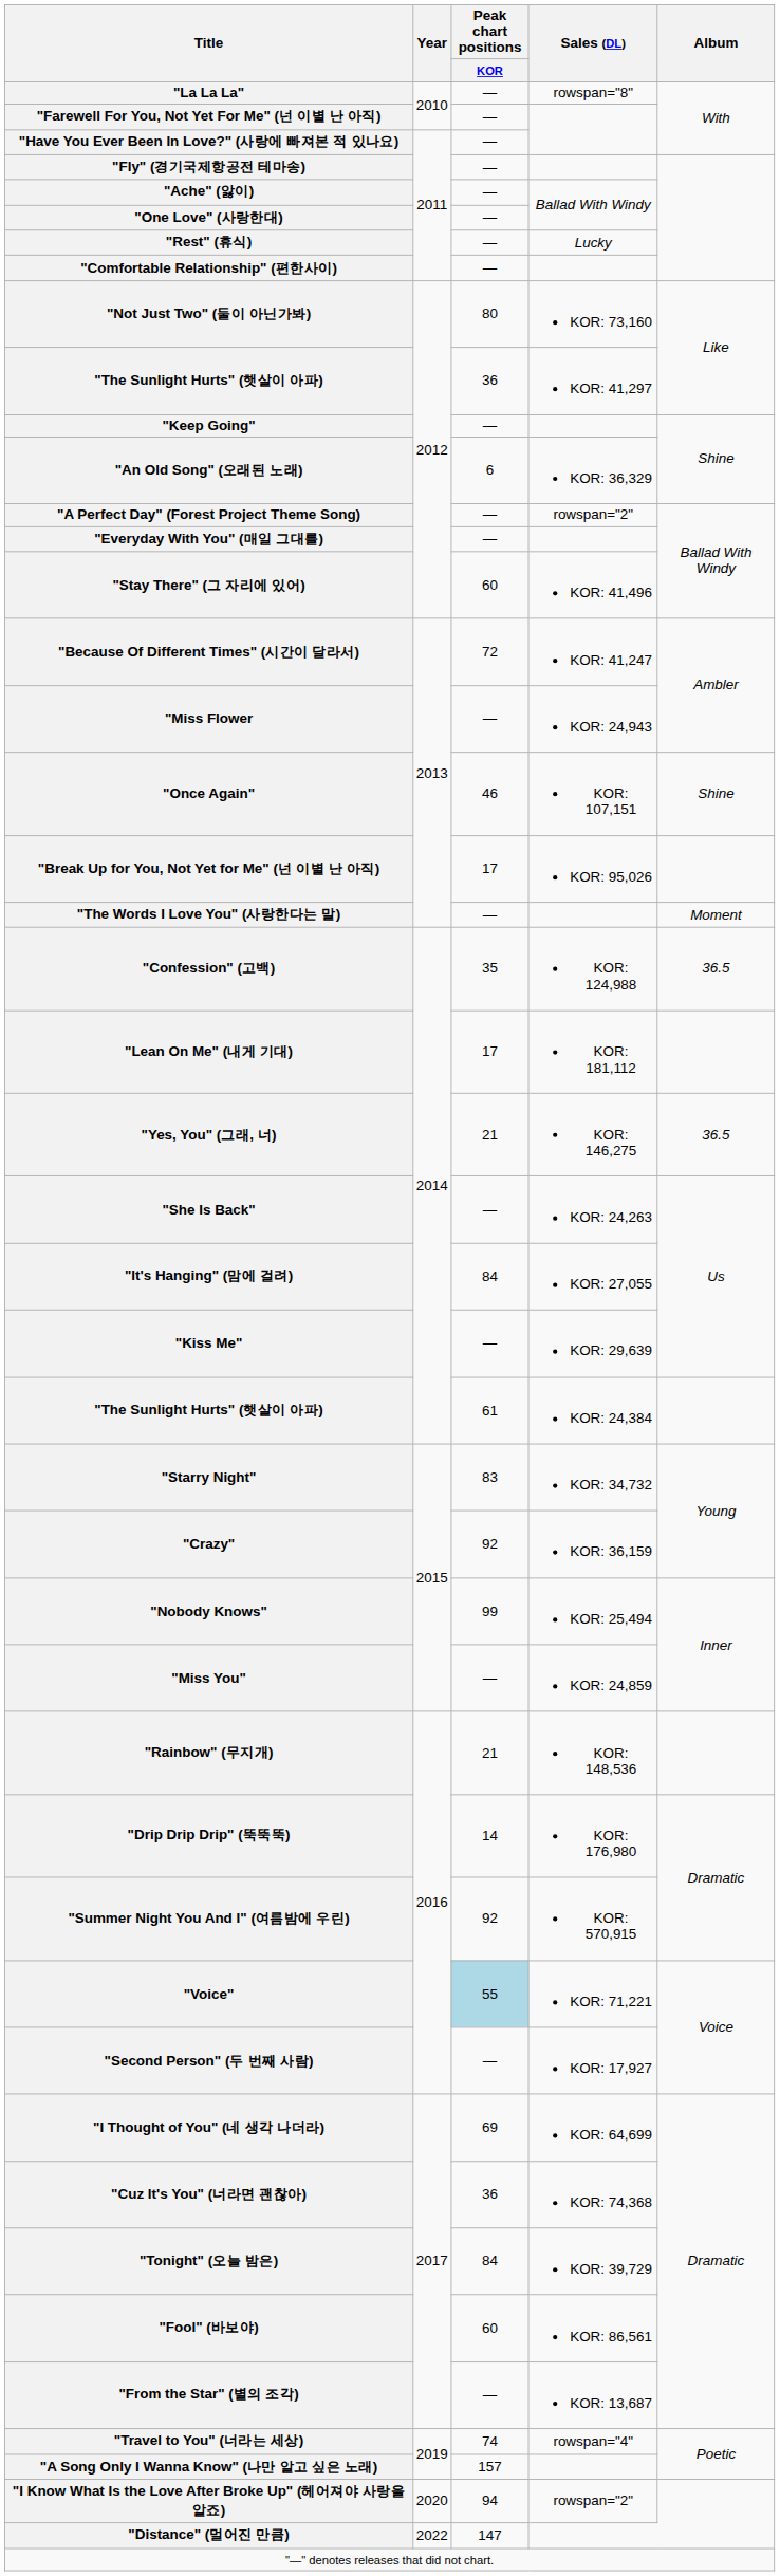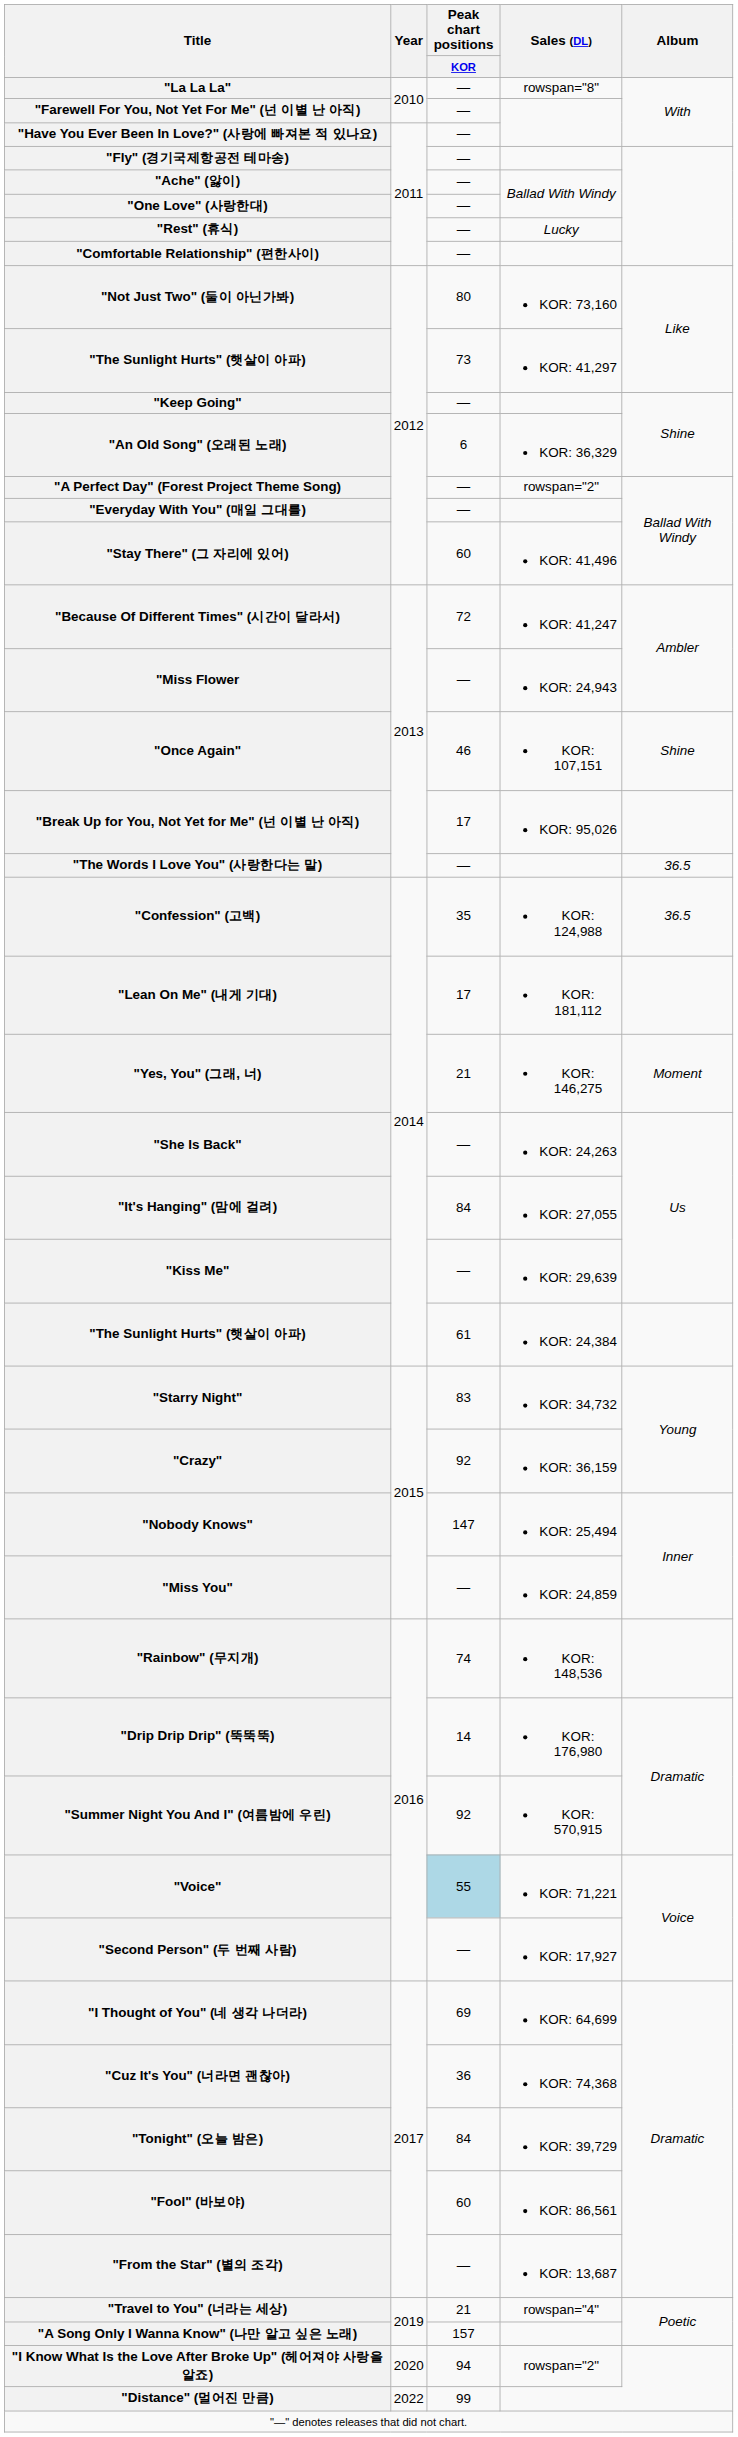 <table class="wikitable plainrowheaders" style="text-align:center;">
 <tr>
 <th scope="col" rowspan="2">Title</th>
 <th scope="col" rowspan="2">Year</th>
 <th scope="col" colspan="1">Peak chart <br> positions</th>
 <th scope="col" rowspan="2">Sales <small>(<a href='#'>DL</a>)</small></th>
 <th scope="col" rowspan="2">Album</th>
 </tr>
 <tr>
 <th><small><a href='#'>KOR</a></small><br></th>
 </tr>
 <tr>
 <th scope="row">"La La La"</th>
 <td rowspan="2">2010</td>
 <td>—</td>
 <td>rowspan="8" </td>
 <td rowspan="3"><em>With</em></td>
 </tr>
 <tr>
 <th scope="row">"Farewell For You, Not Yet For Me" (넌 이별 난 아직)<br></th>
 <td>—</td>
 </tr>
 <tr>
 <th scope="row">"Have You Ever Been In Love?" (사랑에 빠져본 적 있나요)<br></th>
 <td rowspan="6">2011</td>
 <td>—</td>
 </tr>
 <tr>
 <th scope="row">"Fly" (경기국제항공전 테마송)<br></th>
 <td>—</td>
 <td></td>
 </tr>
 <tr>
 <th scope="row">"Ache" (앓이)<br></th>
 <td>—</td>
 <td rowspan="2"><em>Ballad With Windy</em></td>
 </tr>
 <tr>
 <th scope="row">"One Love" (사랑한대)<br></th>
 <td>—</td>
 </tr>
 <tr>
 <th scope="row">"Rest" (휴식)</th>
 <td>—</td>
 <td><em>Lucky</em></td>
 </tr>
 <tr>
 <th scope="row">"Comfortable Relationship" (편한사이)<br></th>
 <td>—</td>
 <td></td>
 </tr>
 <tr>
 <th scope="row">"Not Just Two" (둘이 아닌가봐)<br></th>
 <td rowspan="7">2012</td>
 <td>80</td>
 <td><br><ul><li>KOR: 73,160</li></ul></td>
 <td rowspan="2"><em>Like</em></td>
 </tr>
 <tr>
 <th scope="row">"The Sunlight Hurts" (햇살이 아파)<br></th>
-<td>36</td>
+<td>73</td>
 <td><br><ul><li>KOR: 41,297</li></ul></td>
 </tr>
 <tr>
 <th scope="row">"Keep Going"</th>
 <td>—</td>
 <td></td>
 <td rowspan="2"><em>Shine</em></td>
 </tr>
 <tr>
 <th scope="row">"An Old Song" (오래된 노래)</th>
 <td>6</td>
 <td><br><ul><li>KOR: 36,329</li></ul></td>
 </tr>
 <tr>
 <th scope="row">"A Perfect Day" (Forest Project Theme Song)<br></th>
 <td>—</td>
 <td>rowspan="2" </td>
 <td rowspan="3"><em>Ballad With Windy</em></td>
 </tr>
 <tr>
 <th scope="row">"Everyday With You" (매일 그대를)<br></th>
 <td>—</td>
 </tr>
 <tr>
 <th scope="row">"Stay There" (그 자리에 있어)<br></th>
 <td>60</td>
 <td><br><ul><li>KOR: 41,496</li></ul></td>
 </tr>
 <tr>
 <th scope="row">"Because Of Different Times" (시간이 달라서)</th>
 <td rowspan="5">2013</td>
 <td>72</td>
 <td><br><ul><li>KOR: 41,247</li></ul></td>
 <td rowspan="2"><em>Ambler</em></td>
 </tr>
 <tr>
 <th scope="row">"Miss Flower</th>
 <td>—</td>
 <td><br><ul><li>KOR: 24,943</li></ul></td>
 </tr>
 <tr>
 <th scope="row">"Once Again"<br></th>
 <td>46</td>
 <td><br><ul><li>KOR: 107,151</li></ul></td>
 <td><em>Shine</em></td>
 </tr>
 <tr>
 <th scope="row">"Break Up for You, Not Yet for Me" (넌 이별 난 아직)<br></th>
 <td>17</td>
 <td><br><ul><li>KOR: 95,026</li></ul></td>
 <td></td>
 </tr>
 <tr>
 <th scope="row">"The Words I Love You" (사랑한다는 말)</th>
 <td>—</td>
 <td></td>
-<td><em>Moment</em></td>
+<td><em>36.5</em></td>
 </tr>
 <tr>
 <th scope="row">"Confession" (고백)</th>
 <td rowspan="7">2014</td>
 <td>35</td>
 <td><br><ul><li>KOR: 124,988</li></ul></td>
 <td><em>36.5</em></td>
 </tr>
 <tr>
 <th scope="row">"Lean On Me" (내게 기대)<br></th>
 <td>17</td>
 <td><br><ul><li>KOR: 181,112</li></ul></td>
 <td></td>
 </tr>
 <tr>
 <th scope="row">"Yes, You" (그래, 너)</th>
 <td>21</td>
 <td><br><ul><li>KOR: 146,275</li></ul></td>
-<td><em>36.5</em></td>
+<td><em>Moment</em></td>
 </tr>
 <tr>
 <th scope="row">"She Is Back"</th>
 <td>—</td>
 <td><br><ul><li>KOR: 24,263</li></ul></td>
 <td rowspan="3"><em>Us</em></td>
 </tr>
 <tr>
 <th scope="row">"It's Hanging" (맘에 걸려)</th>
 <td>84</td>
 <td><br><ul><li>KOR: 27,055</li></ul></td>
 </tr>
 <tr>
 <th scope="row">"Kiss Me"</th>
 <td>—</td>
 <td><br><ul><li>KOR: 29,639</li></ul></td>
 </tr>
 <tr>
 <th scope="row">"The Sunlight Hurts" (햇살이 아파)<br></th>
 <td>61</td>
 <td><br><ul><li>KOR: 24,384</li></ul></td>
 <td></td>
 </tr>
 <tr>
 <th scope="row">"Starry Night"</th>
 <td rowspan="4">2015</td>
 <td>83</td>
 <td><br><ul><li>KOR: 34,732</li></ul></td>
 <td rowspan="2"><em>Young</em></td>
 </tr>
 <tr>
 <th scope="row">"Crazy"</th>
 <td>92</td>
 <td><br><ul><li>KOR: 36,159</li></ul></td>
 </tr>
 <tr>
 <th scope="row">"Nobody Knows"</th>
-<td>99</td>
+<td>147</td>
 <td><br><ul><li>KOR: 25,494</li></ul></td>
 <td rowspan="2"><em>Inner</em></td>
 </tr>
 <tr>
 <th scope="row">"Miss You"</th>
 <td>—</td>
 <td><br><ul><li>KOR: 24,859</li></ul></td>
 </tr>
 <tr>
 <th scope="row">"Rainbow" (무지개)<br></th>
 <td rowspan="5">2016</td>
-<td>21</td>
+<td>74</td>
 <td><br><ul><li>KOR: 148,536</li></ul></td>
 <td></td>
 </tr>
 <tr>
 <th scope="row">"Drip Drip Drip" (뚝뚝뚝)<br></th>
 <td>14</td>
 <td><br><ul><li>KOR: 176,980</li></ul></td>
 <td rowspan="2"><em>Dramatic</em></td>
 </tr>
 <tr>
 <th scope="row">"Summer Night You And I" (여름밤에 우린)</th>
 <td>92</td>
 <td><br><ul><li>KOR: 570,915</li></ul></td>
 </tr>
 <tr>
 <th scope="row">"Voice"</th>
 <td style="background: lightblue;">55</td>
 <td><br><ul><li>KOR: 71,221</li></ul></td>
 <td rowspan="2"><em>Voice</em></td>
 </tr>
 <tr>
 <th scope="row">"Second Person" (두 번째 사람)</th>
 <td>—</td>
 <td><br><ul><li>KOR: 17,927</li></ul></td>
 </tr>
 <tr>
 <th scope="row">"I Thought of You" (네 생각 나더라)</th>
 <td rowspan="5">2017</td>
 <td>69</td>
 <td><br><ul><li>KOR: 64,699</li></ul></td>
 <td rowspan="5"><em>Dramatic</em></td>
 </tr>
 <tr>
 <th scope="row">"Cuz It's You" (너라면 괜찮아)</th>
 <td>36</td>
 <td><br><ul><li>KOR: 74,368</li></ul></td>
 </tr>
 <tr>
 <th scope="row">"Tonight" (오늘 밤은)<br></th>
 <td>84</td>
 <td><br><ul><li>KOR: 39,729</li></ul></td>
 </tr>
 <tr>
 <th scope="row">"Fool" (바보야)<br></th>
 <td>60</td>
 <td><br><ul><li>KOR: 86,561</li></ul></td>
 </tr>
 <tr>
 <th scope="row">"From the Star" (별의 조각)</th>
 <td>—</td>
 <td><br><ul><li>KOR: 13,687</li></ul></td>
 </tr>
 <tr>
 <th scope="row">"Travel to You" (너라는 세상)</th>
 <td rowspan="2">2019</td>
-<td>74</td>
+<td>21</td>
 <td>rowspan="4" </td>
 <td rowspan="2"><em>Poetic</em></td>
 </tr>
 <tr>
 <th scope="row">"A Song Only I Wanna Know" (나만 알고 싶은 노래)</th>
 <td>157</td>
 </tr>
 <tr>
 <th scope="row">"I Know What Is the Love After Broke Up" (헤어져야 사랑을 알죠)</th>
 <td>2020</td>
 <td>94</td>
 <td>rowspan="2" </td>
 </tr>
 <tr>
 <th scope="row">"Distance" (멀어진 만큼)</th>
 <td>2022</td>
-<td>147</td>
+<td>99</td>
 </tr>
 <tr>
 <td colspan="5" align="center"><small>"—" denotes releases that did not chart.</small></td>
 </tr>
 </table>
